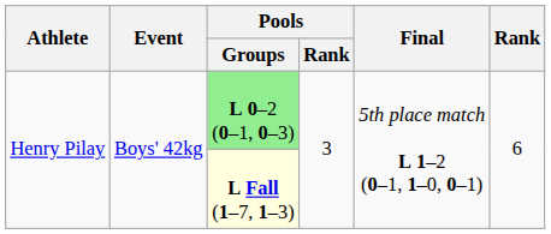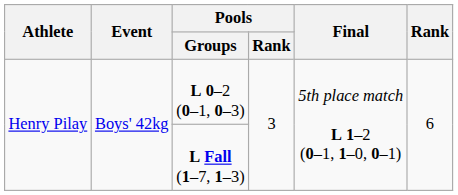 <table class="wikitable" style="text-align:left; font-size:90%">
 <tr>
 <th rowspan="2">Athlete</th>
 <th rowspan="2">Event</th>
 <th colspan="2">Pools</th>
 <th rowspan="2">Final</th>
 <th rowspan="2">Rank</th>
 </tr>
 <tr>
 <th>Groups</th>
 <th>Rank</th>
 </tr>
 <tr>
 <td rowspan="2"><a href='#'>Henry Pilay</a></td>
 <td rowspan="2"><a href='#'>Boys' 42kg</a></td>
-<td align=center style="background: lightgreen;"><br><strong>L</strong> <strong>0</strong>–2<br>(<strong>0</strong>–1, <strong>0</strong>–3)</td>
+<td align=center><br><strong>L</strong> <strong>0</strong>–2<br>(<strong>0</strong>–1, <strong>0</strong>–3)</td>
 <td rowspan="2" align=center>3</td>
 <td align=center rowspan=2><em>5th place match</em><br><br><strong>L</strong> <strong>1</strong>–2<br>(<strong>0</strong>–1, <strong>1</strong>–0, <strong>0</strong>–1)</td>
 <td rowspan="2" align="center">6</td>
 </tr>
 <tr>
-<td align=center style="background: lightyellow;"><br><strong>L</strong> <strong><a href='#'>Fall</a></strong><br>(<strong>1</strong>–7, <strong>1</strong>–3)</td>
+<td align=center><br><strong>L</strong> <strong><a href='#'>Fall</a></strong><br>(<strong>1</strong>–7, <strong>1</strong>–3)</td>
 </tr>
 </table>
